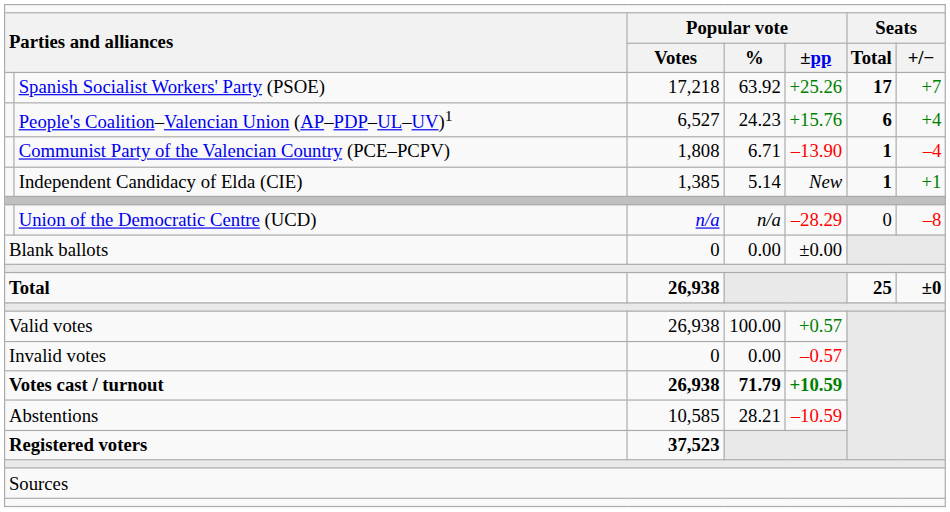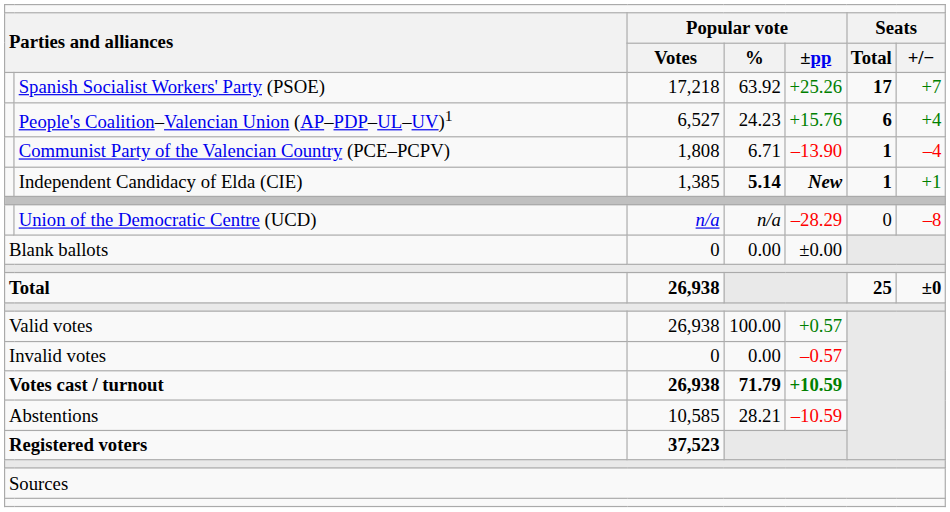 <table class="wikitable" style="text-align:right;">
 <tr>
 <td colspan="7"></td>
 </tr>
 <tr>
 <th style="text-align:left;" rowspan="2" colspan="2" width="525">Parties and alliances</th>
 <th colspan="3">Popular vote</th>
 <th colspan="2">Seats</th>
 </tr>
 <tr>
 <th width="75">Votes</th>
 <th width="45">%</th>
 <th width="45">±<a href='#'>pp</a></th>
 <th width="35">Total</th>
 <th width="35">+/−</th>
 </tr>
 <tr>
 <td width="1" style="color:inherit;background:"></td>
 <td align="left"><a href='#'>Spanish Socialist Workers' Party</a> (PSOE)</td>
 <td>17,218</td>
 <td>63.92</td>
 <td style="color:green;">+25.26</td>
 <td><strong>17</strong></td>
 <td style="color:green;">+7</td>
 </tr>
 <tr>
 <td style="color:inherit;background:"></td>
 <td align="left"><a href='#'>People's Coalition</a>–<a href='#'>Valencian Union</a> (<a href='#'>AP</a>–<a href='#'>PDP</a>–<a href='#'>UL</a>–<a href='#'>UV</a>)<sup>1</sup></td>
 <td>6,527</td>
 <td>24.23</td>
 <td style="color:green;">+15.76</td>
 <td><strong>6</strong></td>
 <td style="color:green;">+4</td>
 </tr>
 <tr>
 <td style="color:inherit;background:"></td>
 <td align="left"><a href='#'>Communist Party of the Valencian Country</a> (PCE–PCPV)</td>
 <td>1,808</td>
 <td>6.71</td>
 <td style="color:red;">–13.90</td>
 <td><strong>1</strong></td>
 <td style="color:red;">–4</td>
 </tr>
 <tr>
 <td style="color:inherit;background:"></td>
 <td align="left">Independent Candidacy of Elda (CIE)</td>
 <td>1,385</td>
-<td>5.14</td>
-<td><em>New</em></td>
+<td><strong>5.14</strong></td>
+<td><strong><em>New</em></strong></td>
 <td><strong>1</strong></td>
 <td style="color:green;">+1</td>
 </tr>
 <tr>
 <td colspan="7" bgcolor="#C0C0C0"></td>
 </tr>
 <tr>
 <td style="color:inherit;background:"></td>
 <td align="left"><a href='#'>Union of the Democratic Centre</a> (UCD)</td>
 <td><em><a href='#'>n/a</a></em></td>
 <td><em>n/a</em></td>
 <td style="color:red;">–28.29</td>
 <td>0</td>
 <td style="color:red;">–8</td>
 </tr>
 <tr>
 <td align="left" colspan="2">Blank ballots</td>
 <td>0</td>
 <td>0.00</td>
 <td>±0.00</td>
 <td bgcolor="#E9E9E9" colspan="2"></td>
 </tr>
 <tr>
 <td colspan="7" bgcolor="#E9E9E9"></td>
 </tr>
 <tr style="font-weight:bold;">
 <td align="left" colspan="2">Total</td>
 <td>26,938</td>
 <td bgcolor="#E9E9E9" colspan="2"></td>
 <td>25</td>
 <td>±0</td>
 </tr>
 <tr>
 <td colspan="7" bgcolor="#E9E9E9"></td>
 </tr>
 <tr>
 <td align="left" colspan="2">Valid votes</td>
 <td>26,938</td>
 <td>100.00</td>
 <td style="color:green;">+0.57</td>
 <td bgcolor="#E9E9E9" colspan="2" rowspan="5"></td>
 </tr>
 <tr>
 <td align="left" colspan="2">Invalid votes</td>
 <td>0</td>
 <td>0.00</td>
 <td style="color:red;">–0.57</td>
 </tr>
 <tr style="font-weight:bold;">
 <td align="left" colspan="2">Votes cast / turnout</td>
 <td>26,938</td>
 <td>71.79</td>
 <td style="color:green;">+10.59</td>
 </tr>
 <tr>
 <td align="left" colspan="2">Abstentions</td>
 <td>10,585</td>
 <td>28.21</td>
 <td style="color:red;">–10.59</td>
 </tr>
 <tr style="font-weight:bold;">
 <td align="left" colspan="2">Registered voters</td>
 <td>37,523</td>
 <td bgcolor="#E9E9E9" colspan="2"></td>
 </tr>
 <tr>
 <td colspan="7" bgcolor="#E9E9E9"></td>
 </tr>
 <tr>
 <td align="left" colspan="7">Sources</td>
 </tr>
 <tr>
 <td colspan="7" style="text-align:left; max-width:790px;"></td>
 </tr>
 </table>
